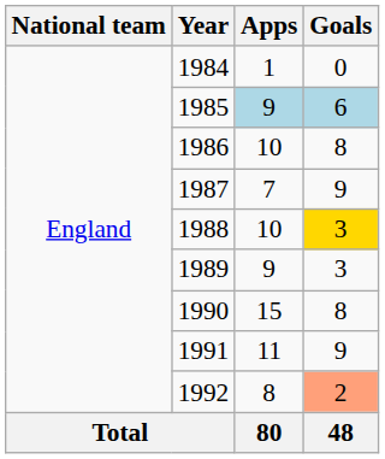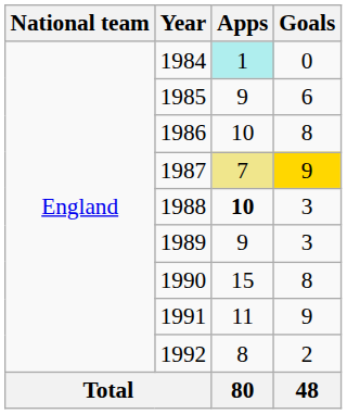 <table class="wikitable" style="text-align: center;">
 <tr>
 <th>National team</th>
 <th>Year</th>
 <th>Apps</th>
 <th>Goals</th>
 </tr>
 <tr>
 <td rowspan="9"><a href='#'>England</a></td>
 <td>1984</td>
-<td>1</td>
+<td style="background: paleturquoise;">1</td>
 <td>0</td>
 </tr>
 <tr>
 <td>1985</td>
-<td style="background: lightblue;">9</td>
-<td style="background: lightblue;">6</td>
+<td>9</td>
+<td>6</td>
 </tr>
 <tr>
 <td>1986</td>
 <td>10</td>
 <td>8</td>
 </tr>
 <tr>
 <td>1987</td>
-<td>7</td>
-<td>9</td>
+<td style="background: khaki;">7</td>
+<td style="background: gold;">9</td>
 </tr>
 <tr>
 <td>1988</td>
-<td>10</td>
-<td style="background: gold;">3</td>
+<td><strong>10</strong></td>
+<td>3</td>
 </tr>
 <tr>
 <td>1989</td>
 <td>9</td>
 <td>3</td>
 </tr>
 <tr>
 <td>1990</td>
 <td>15</td>
 <td>8</td>
 </tr>
 <tr>
 <td>1991</td>
 <td>11</td>
 <td>9</td>
 </tr>
 <tr>
 <td>1992</td>
 <td>8</td>
-<td style="background: lightsalmon;">2</td>
+<td>2</td>
 </tr>
 <tr>
 <th colspan="2">Total</th>
 <th>80</th>
 <th>48</th>
 </tr>
 </table>
